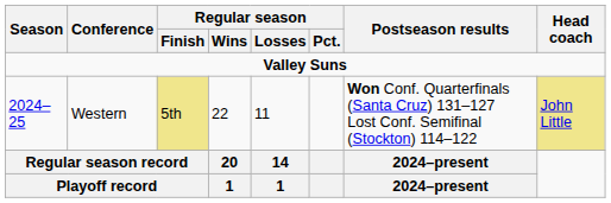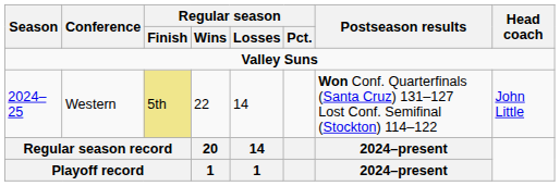 <table class="wikitable" style="font-size:95%" style="text-align:center">
 <tr>
 <th rowspan=2>Season</th>
 <th rowspan=2>Conference</th>
 <th colspan=4>Regular season</th>
 <th rowspan=2>Postseason results</th>
 <th rowspan=2>Head coach</th>
 </tr>
 <tr>
 <th>Finish</th>
 <th>Wins</th>
 <th>Losses</th>
 <th>Pct.</th>
 </tr>
 <tr>
 <td colspan=10 align="center"><strong>Valley Suns</strong></td>
 </tr>
 <tr>
 <td><a href='#'>2024–25</a></td>
 <td>Western</td>
 <td style="background: khaki;">5th</td>
 <td>22</td>
-<td>11</td>
+<td>14</td>
 <td></td>
 <td align=left><strong>Won</strong> Conf. Quarterfinals (<a href='#'>Santa Cruz</a>) 131–127<br>Lost Conf. Semifinal (<a href='#'>Stockton</a>) 114–122</td>
-<td rowspan=1 style="background: khaki;"><a href='#'>John Little</a></td>
+<td rowspan=1><a href='#'>John Little</a></td>
 </tr>
 <tr>
 <th colspan=3>Regular season record</th>
 <th>20</th>
 <th>14</th>
 <th></th>
 <th>2024–present</th>
 </tr>
 <tr>
 <th colspan=3>Playoff record</th>
 <th>1</th>
 <th>1</th>
 <th></th>
 <th>2024–present</th>
 </tr>
 </table>
